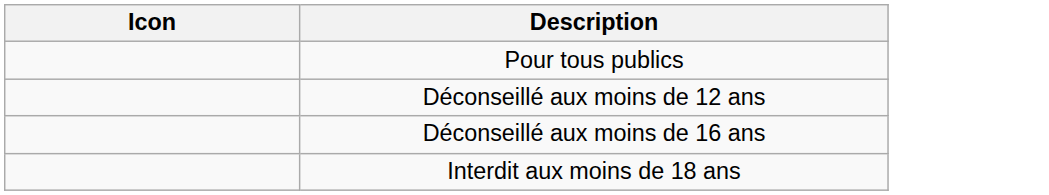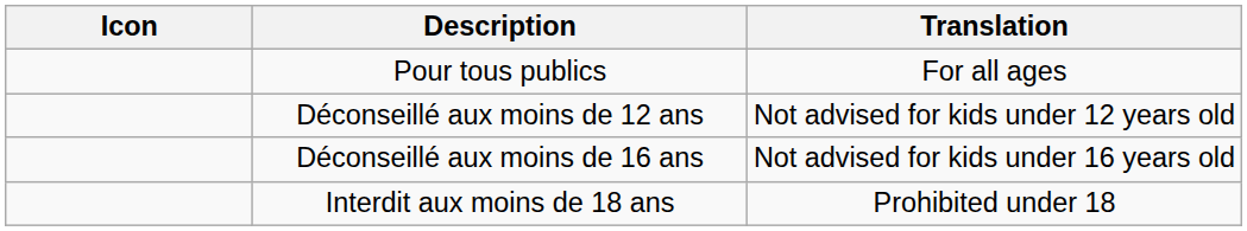 <table class="wikitable" style="text-align: center;">
 <tr>
 <th style="width: 20%">Icon</th>
 <th style="width: 40%">Description</th>
+<th style="width: 40%">Translation</th>
 </tr>
 <tr>
 <td></td>
 <td>Pour tous publics</td>
+<td>For all ages</td>
 </tr>
 <tr>
 <td></td>
 <td>Déconseillé aux moins de 12 ans</td>
+<td>Not advised for kids under 12 years old</td>
 </tr>
 <tr>
 <td></td>
 <td>Déconseillé aux moins de 16 ans</td>
+<td>Not advised for kids under 16 years old</td>
 </tr>
 <tr>
 <td></td>
 <td>Interdit aux moins de 18 ans</td>
+<td>Prohibited under 18</td>
 </tr>
 </table>
